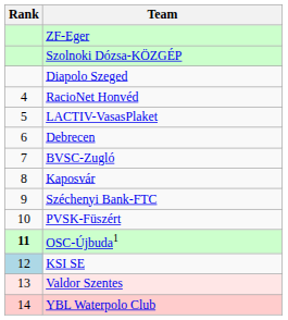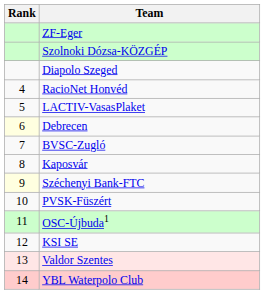 <table class="wikitable">
 <tr>
 <th width=40>Rank</th>
 <th width=290>Team</th>
 </tr>
 <tr bgcolor=#ccffcc>
 <td align="center"></td>
 <td align="left"> <a href='#'>ZF-Eger</a></td>
 </tr>
 <tr bgcolor=#ccffcc>
 <td align="center"></td>
 <td align="left"> <a href='#'>Szolnoki Dózsa-KÖZGÉP</a></td>
 </tr>
 <tr>
 <td align="center"></td>
 <td align="left"> <a href='#'>Diapolo Szeged</a></td>
 </tr>
 <tr>
 <td align="center">4</td>
 <td align="left"> <a href='#'>RacioNet Honvéd</a></td>
 </tr>
 <tr>
 <td align="center">5</td>
 <td align="left"> <a href='#'>LACTIV-VasasPlaket</a></td>
 </tr>
 <tr>
-<td align="center">6</td>
+<td align="center" style="background: lightyellow;">6</td>
 <td align="left"> <a href='#'>Debrecen</a></td>
 </tr>
 <tr>
 <td align="center">7</td>
 <td align="left"> <a href='#'>BVSC-Zugló</a></td>
 </tr>
 <tr>
 <td align="center">8</td>
 <td align="left"> <a href='#'>Kaposvár</a></td>
 </tr>
 <tr>
-<td align="center">9</td>
+<td align="center" style="background: lightyellow;">9</td>
 <td align="left"> <a href='#'>Széchenyi Bank-FTC</a></td>
 </tr>
 <tr>
 <td align="center">10</td>
 <td align="left"> <a href='#'>PVSK-Füszért</a></td>
 </tr>
 <tr bgcolor=#ccffcc>
-<td align="center"><strong>11</strong></td>
+<td align="center">11</td>
 <td align="left"> <a href='#'>OSC-Újbuda</a><sup>1</sup></td>
 </tr>
 <tr>
-<td align="center" style="background: lightblue;">12</td>
+<td align="center">12</td>
 <td align="left"> <a href='#'>KSI SE</a></td>
 </tr>
 <tr bgcolor=#ffe6e6>
 <td align="center">13</td>
 <td align="left"> <a href='#'>Valdor Szentes</a></td>
 </tr>
 <tr bgcolor=#ffcccc>
 <td align="center">14</td>
 <td align="left"> <a href='#'>YBL Waterpolo Club</a></td>
 </tr>
 </table>
